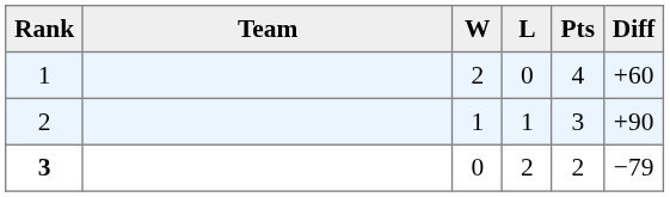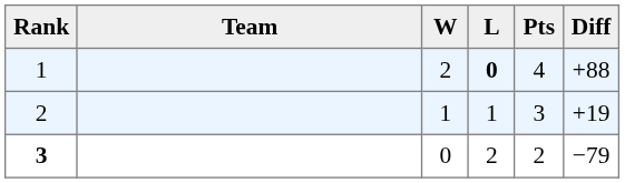 <table style=border-collapse:collapse border=1 cellspacing=0 cellpadding=5>
 <tr align=center bgcolor=#efefef>
 <th width=20>Rank</th>
 <th width=220>Team</th>
 <th width=20>W</th>
 <th width=20>L</th>
 <th width=20>Pts</th>
 <th width=25>Diff</th>
 </tr>
 <tr align=center bgcolor=#EBF5FF>
 <td>1</td>
 <td align=left></td>
 <td>2</td>
-<td>0</td>
+<td><strong>0</strong></td>
 <td>4</td>
-<td>+60</td>
+<td>+88</td>
 </tr>
 <tr align=center bgcolor=#EBF5FF>
 <td>2</td>
 <td align=left></td>
 <td>1</td>
 <td>1</td>
 <td>3</td>
-<td>+90</td>
+<td>+19</td>
 </tr>
 <tr align=center>
 <td><strong>3</strong></td>
 <td align=left></td>
 <td>0</td>
 <td>2</td>
 <td>2</td>
 <td>−79</td>
 </tr>
 </table>
